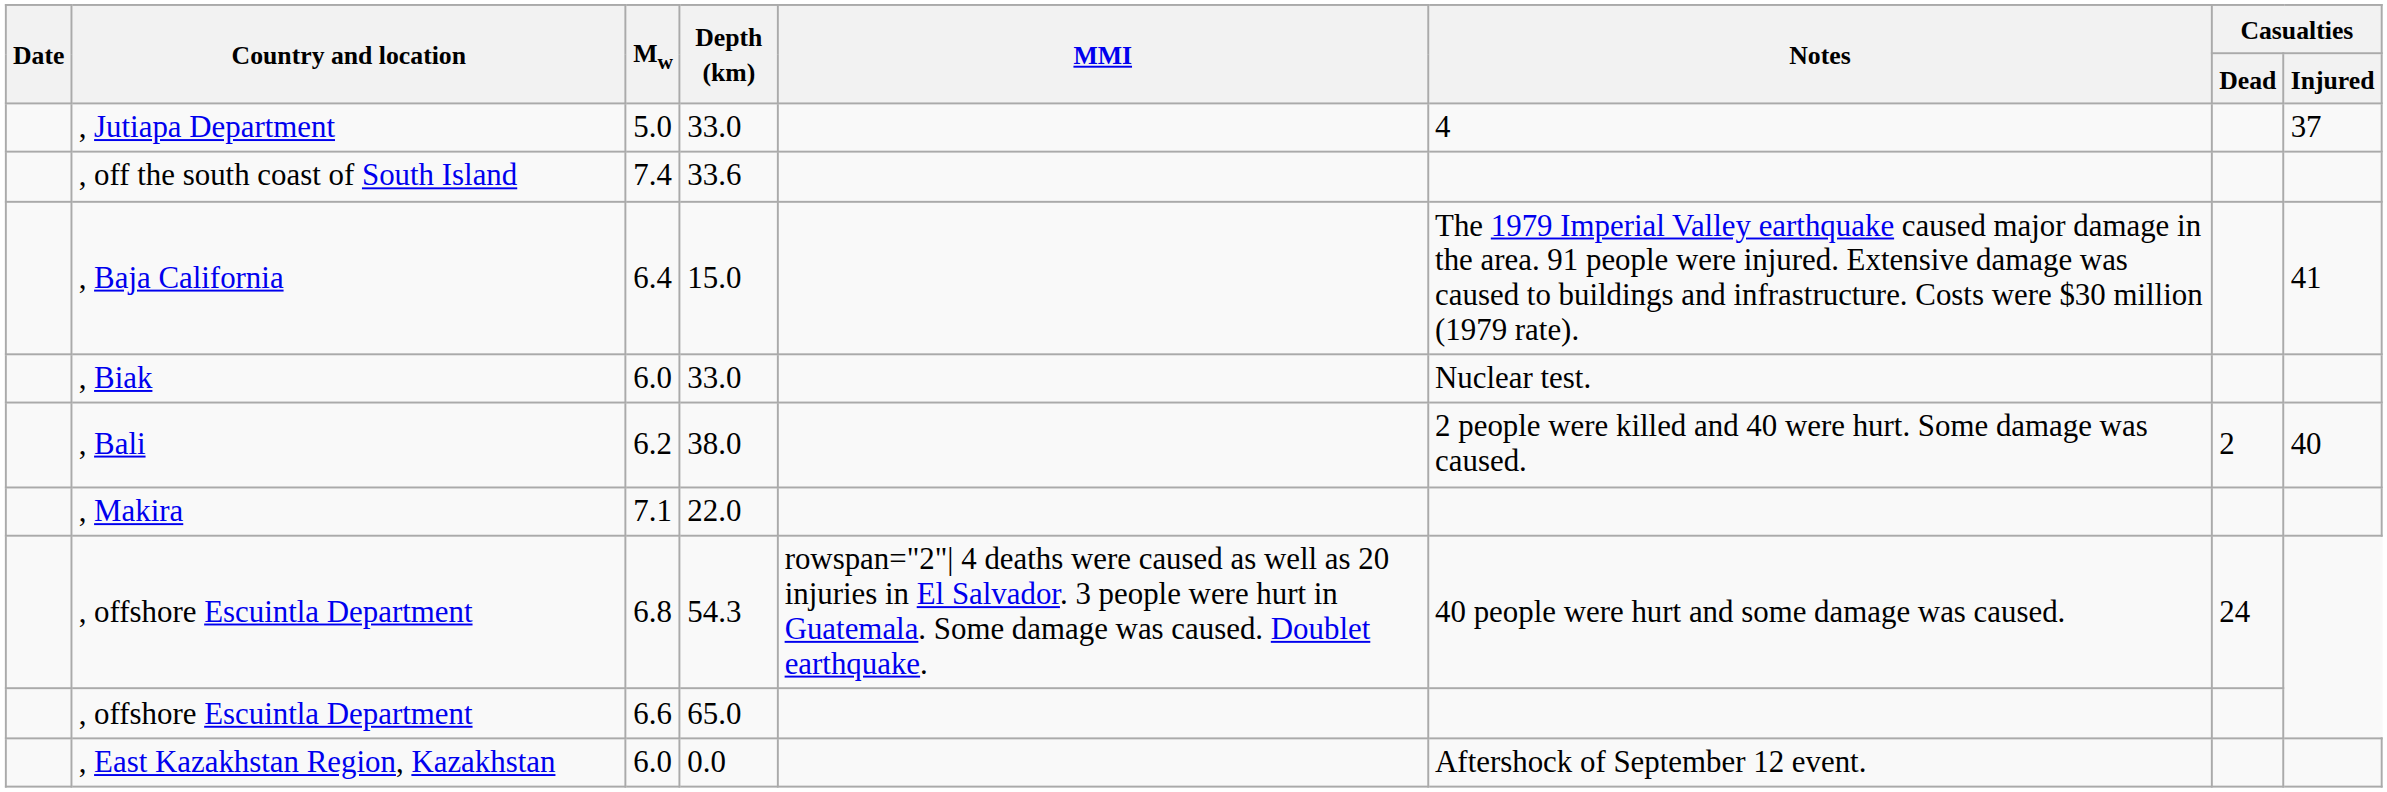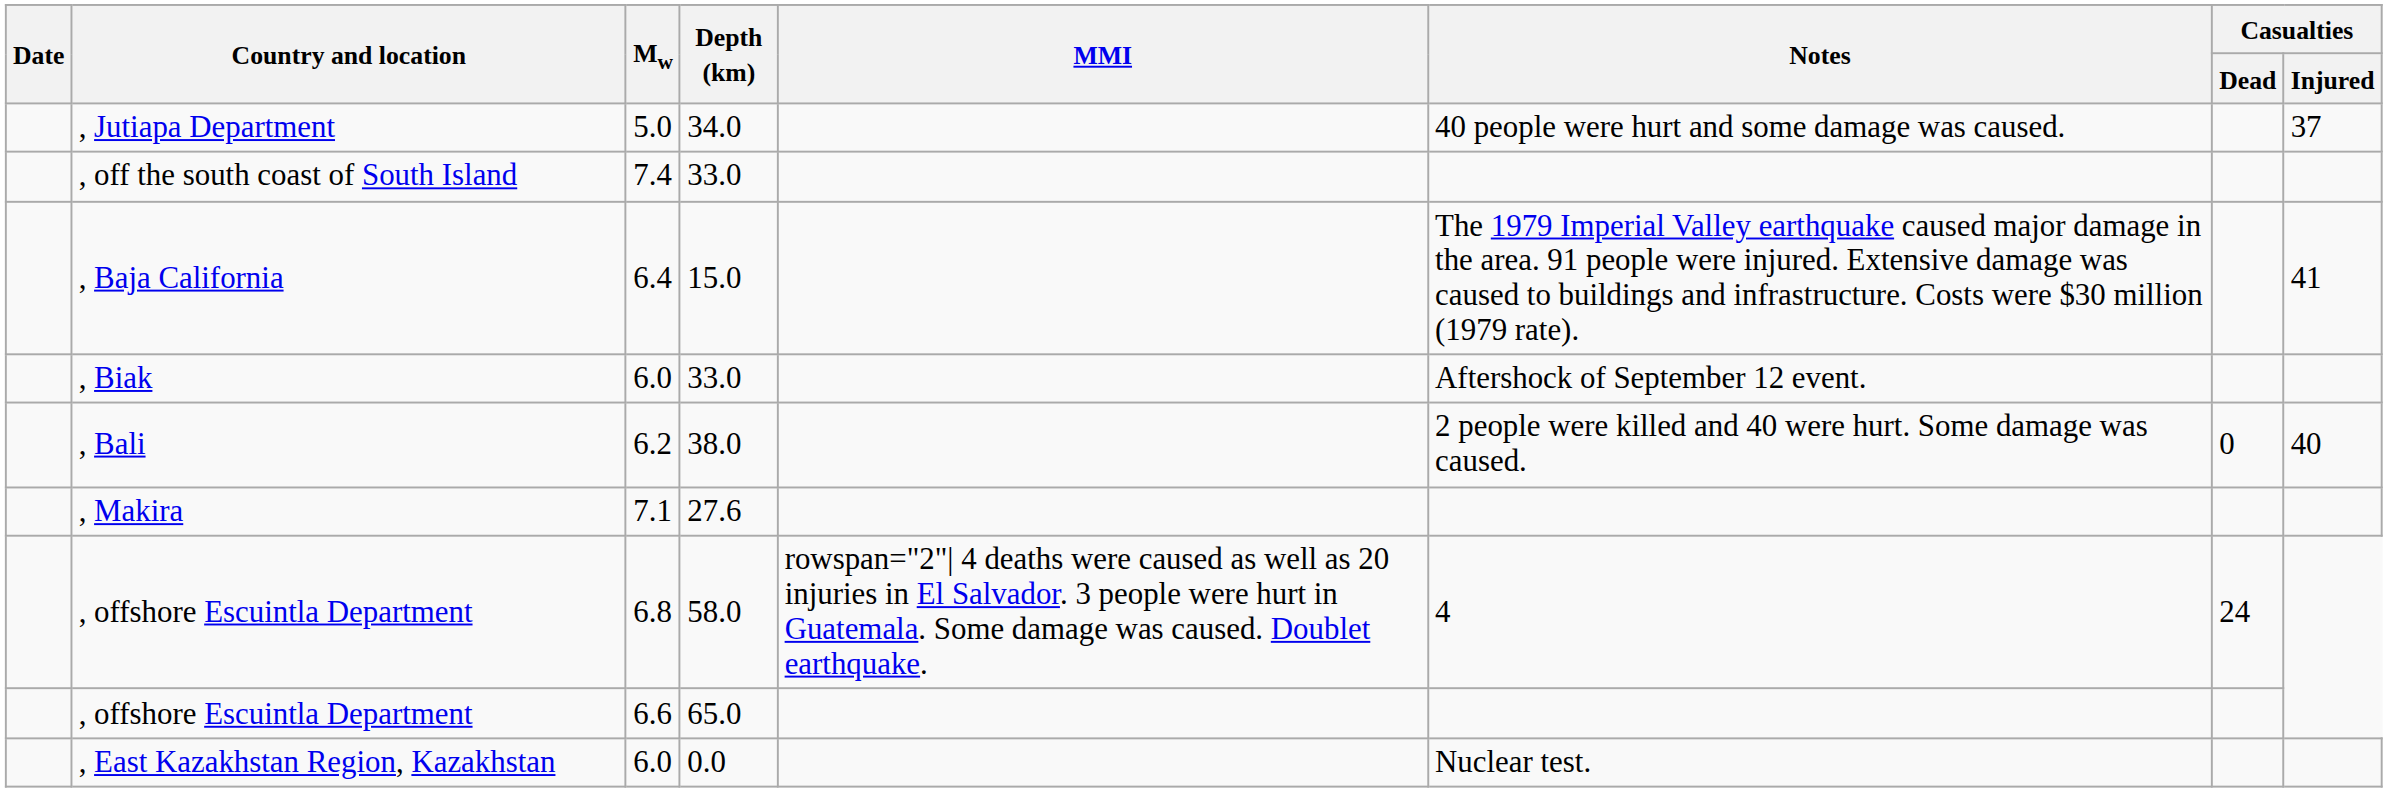 <table class="wikitable sortable" style="border:1px black; margin-left:1em;">
 <tr>
 <th rowspan="2"><small>Date</small></th>
 <th rowspan="2" style="width: 280px"><small>Country and location</small></th>
 <th rowspan="2"><small>M<sub>w</sub></small></th>
 <th rowspan="2"><small>Depth (km)</small></th>
 <th rowspan="2"><small><a href='#'>MMI</a></small></th>
 <th rowspan="2" class="unsortable"><small>Notes</small></th>
 <th colspan="2"><small>Casualties</small></th>
 </tr>
 <tr>
 <th><small>Dead</small></th>
 <th><small>Injured</small></th>
 </tr>
 <tr>
 <td></td>
 <td>, <a href='#'>Jutiapa Department</a></td>
 <td>5.0</td>
-<td>33.0</td>
+<td>34.0</td>
 <td></td>
-<td>4</td>
+<td>40 people were hurt and some damage was caused.</td>
 <td></td>
 <td>37</td>
 </tr>
 <tr>
 <td></td>
 <td>, off the south coast of <a href='#'>South Island</a></td>
 <td>7.4</td>
-<td>33.6</td>
+<td>33.0</td>
 <td></td>
 <td></td>
 <td></td>
 <td></td>
 </tr>
 <tr>
 <td></td>
 <td>, <a href='#'>Baja California</a></td>
 <td>6.4</td>
 <td>15.0</td>
 <td></td>
 <td>The <a href='#'>1979 Imperial Valley earthquake</a> caused major damage in the area. 91 people were injured. Extensive damage was caused to buildings and infrastructure. Costs were $30 million (1979 rate).</td>
 <td></td>
 <td>41</td>
 </tr>
 <tr>
 <td></td>
 <td>, <a href='#'>Biak</a></td>
 <td>6.0</td>
 <td>33.0</td>
 <td></td>
-<td>Nuclear test.</td>
+<td>Aftershock of September 12 event.</td>
 <td></td>
 <td></td>
 </tr>
 <tr>
 <td></td>
 <td>, <a href='#'>Bali</a></td>
 <td>6.2</td>
 <td>38.0</td>
 <td></td>
 <td>2 people were killed and 40 were hurt. Some damage was caused.</td>
-<td>2</td>
+<td>0</td>
 <td>40</td>
 </tr>
 <tr>
 <td></td>
 <td>, <a href='#'>Makira</a></td>
 <td>7.1</td>
-<td>22.0</td>
+<td>27.6</td>
 <td></td>
 <td></td>
 <td></td>
 <td></td>
 </tr>
 <tr>
 <td></td>
 <td>, offshore <a href='#'>Escuintla Department</a></td>
 <td>6.8</td>
-<td>54.3</td>
+<td>58.0</td>
 <td>rowspan="2"| 4 deaths were caused as well as 20 injuries in <a href='#'>El Salvador</a>. 3 people were hurt in <a href='#'>Guatemala</a>. Some damage was caused. <a href='#'>Doublet earthquake</a>.</td>
-<td>40 people were hurt and some damage was caused.</td>
+<td>4</td>
 <td>24</td>
 </tr>
 <tr>
 <td></td>
 <td>, offshore <a href='#'>Escuintla Department</a></td>
 <td>6.6</td>
 <td>65.0</td>
 <td></td>
 <td></td>
 <td></td>
 </tr>
 <tr>
 <td></td>
 <td>, <a href='#'>East Kazakhstan Region</a>, <a href='#'>Kazakhstan</a></td>
 <td>6.0</td>
 <td>0.0</td>
 <td></td>
-<td>Aftershock of September 12 event.</td>
+<td>Nuclear test.</td>
 <td></td>
 <td></td>
 </tr>
 </table>
